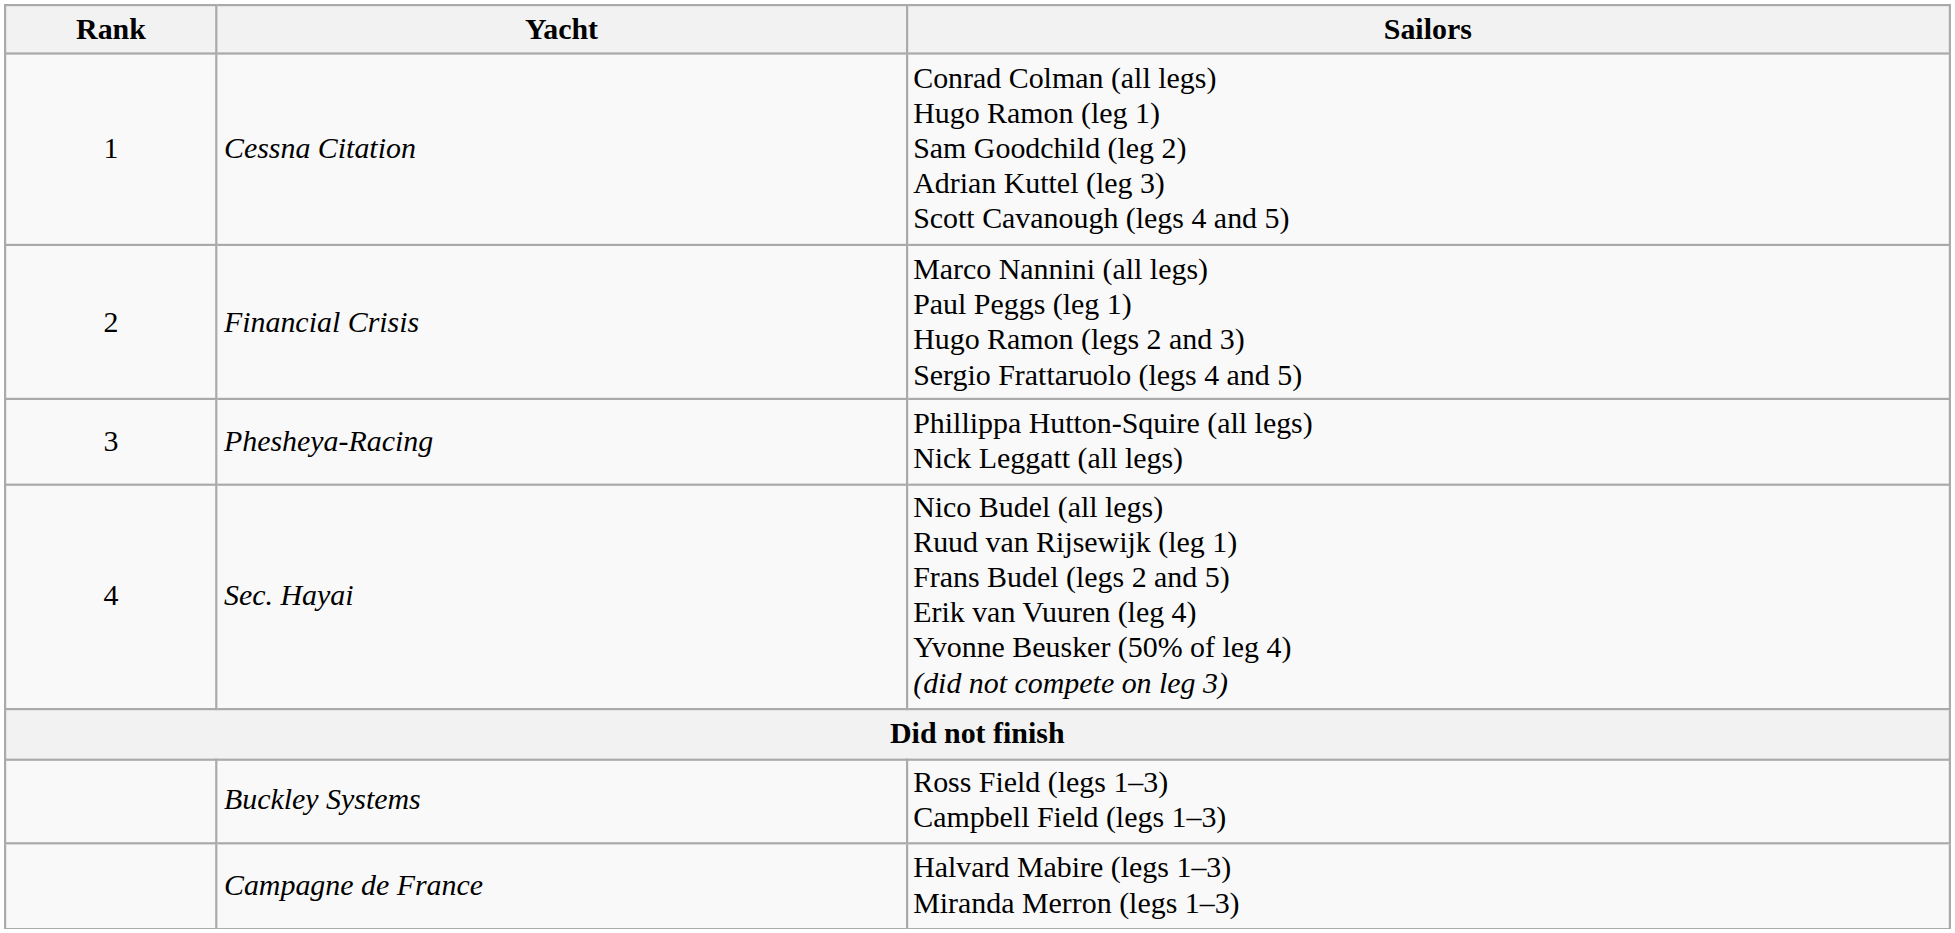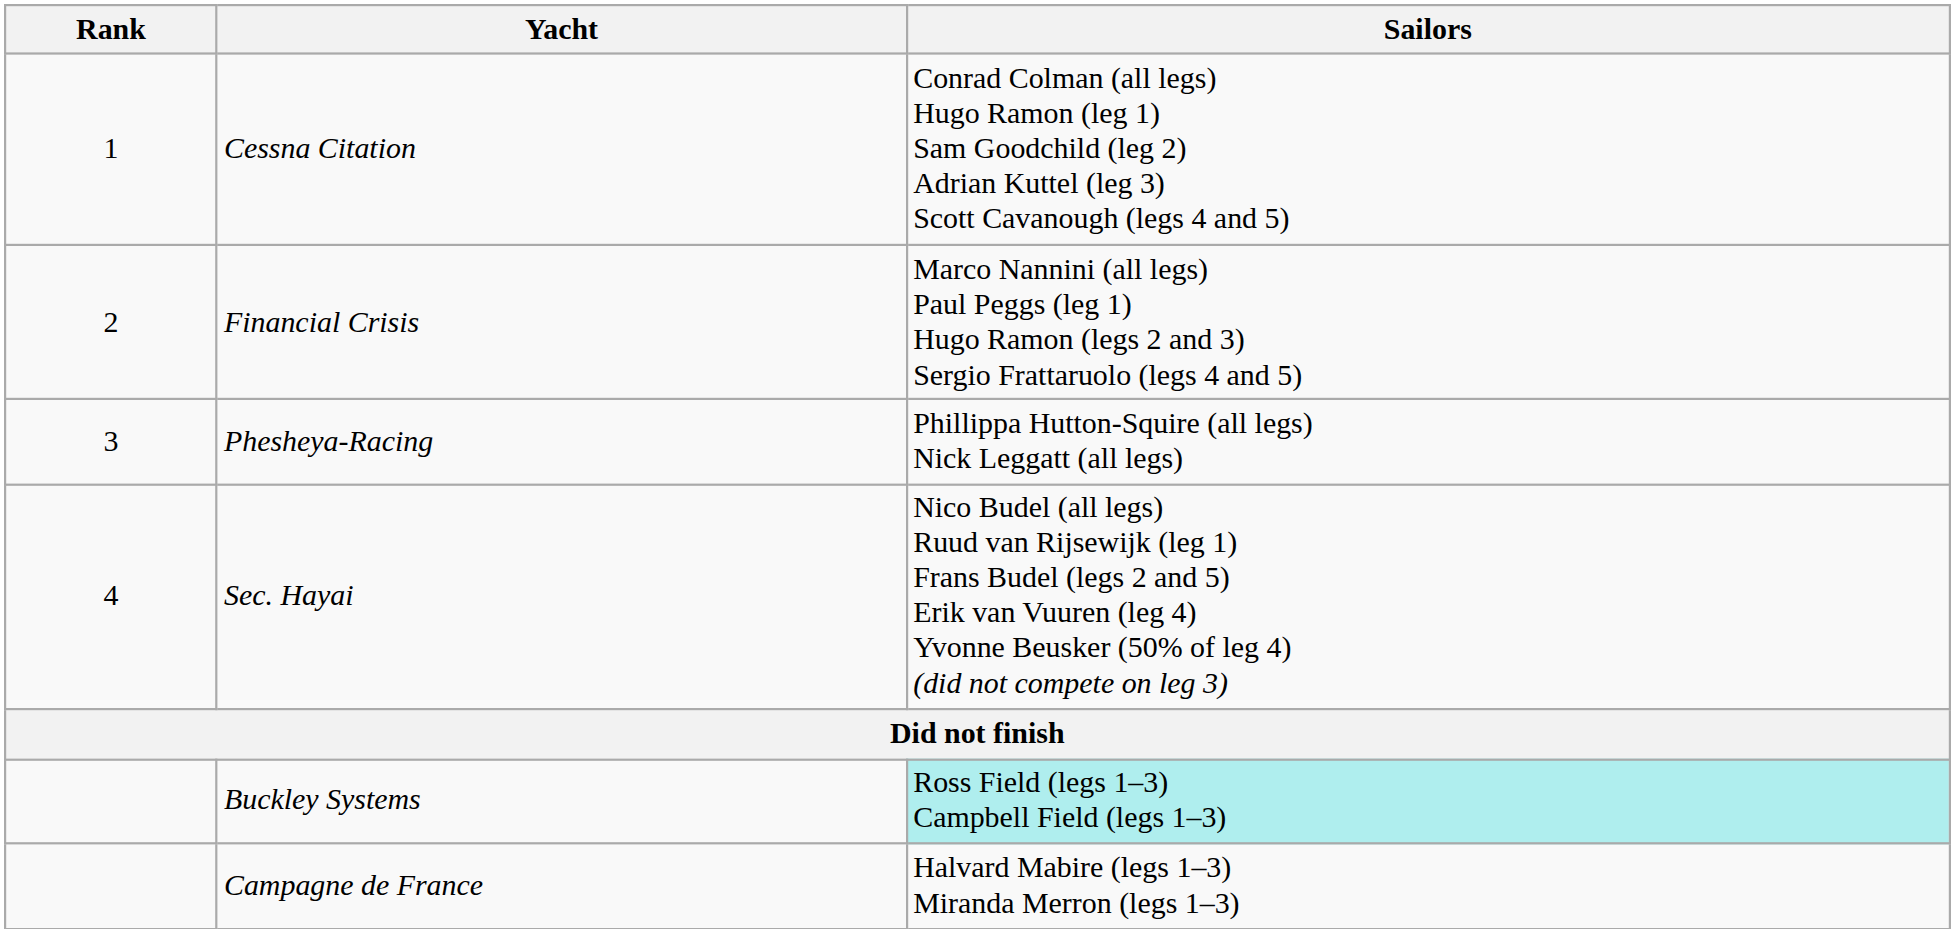 <table class="wikitable" style="width: 70%; font-size: 85%;">
 <tr>
 <th>Rank</th>
 <th>Yacht</th>
 <th>Sailors</th>
 </tr>
 <tr>
 <td align="center">1</td>
 <td><em>Cessna Citation</em></td>
 <td> Conrad Colman (all legs)<br> Hugo Ramon (leg 1)<br> Sam Goodchild (leg 2)<br>  Adrian Kuttel (leg 3)<br>  Scott Cavanough (legs 4 and 5)</td>
 </tr>
 <tr>
 <td align="center">2</td>
 <td><em>Financial Crisis</em></td>
 <td> Marco Nannini (all legs)<br> Paul Peggs (leg 1)<br> Hugo Ramon (legs 2 and 3)<br> Sergio Frattaruolo (legs 4 and 5)</td>
 </tr>
 <tr>
 <td align="center">3</td>
 <td><em>Phesheya-Racing</em></td>
 <td> Phillippa Hutton-Squire (all legs)<br> Nick Leggatt (all legs)</td>
 </tr>
 <tr>
 <td align="center">4</td>
 <td><em>Sec. Hayai</em></td>
 <td> Nico Budel (all legs)<br> Ruud van Rijsewijk (leg 1)<br> Frans Budel (legs 2 and 5)<br> Erik van Vuuren (leg 4)<br>  Yvonne Beusker (50% of leg 4)<br><em>(did not compete on leg 3)</em></td>
 </tr>
 <tr>
 <th colspan=3>Did not finish</th>
 </tr>
 <tr>
 <td></td>
 <td><em>Buckley Systems</em></td>
-<td> Ross Field (legs 1–3)<br> Campbell Field (legs 1–3)</td>
+<td style="background: paleturquoise;"> Ross Field (legs 1–3)<br> Campbell Field (legs 1–3)</td>
 </tr>
 <tr>
 <td></td>
 <td><em>Campagne de France</em></td>
 <td> Halvard Mabire (legs 1–3)<br> Miranda Merron (legs 1–3)</td>
 </tr>
 </table>
